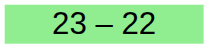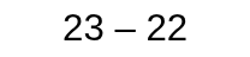 <table style="text-align:center">
 <tr>
 <th width=200></th>
 <th width=100></th>
 <th width=200></th>
 </tr>
 <tr>
 <td align=right><strong></strong></td>
-<td style="background: lightgreen;">23 – 22</td>
+<td>23 – 22</td>
 <td align=left></td>
 </tr>
 </table>
